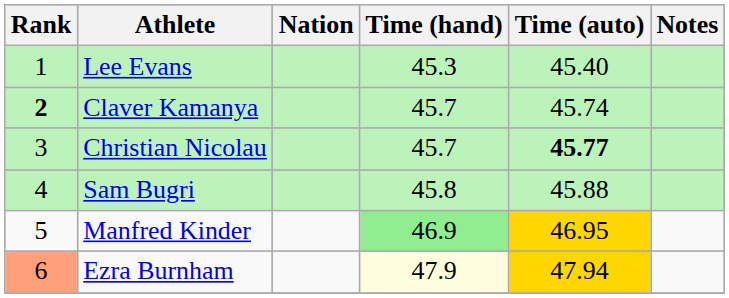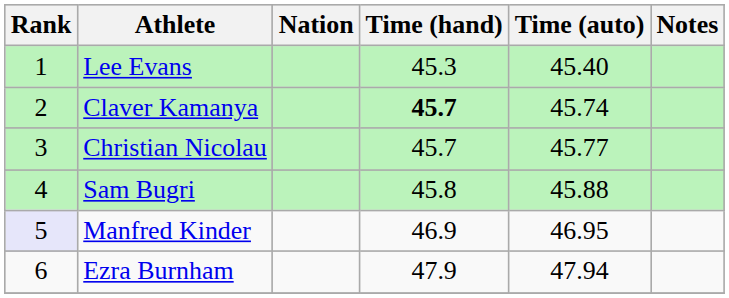 <table class="wikitable sortable" style="text-align:center">
 <tr>
 <th>Rank</th>
 <th>Athlete</th>
 <th>Nation</th>
 <th>Time (hand)</th>
 <th>Time (auto)</th>
 <th>Notes</th>
 </tr>
 <tr bgcolor=bbf3bb>
 <td>1</td>
 <td align=left><a href='#'>Lee Evans</a></td>
 <td align=left></td>
 <td>45.3</td>
 <td>45.40</td>
 <td></td>
 </tr>
 <tr bgcolor=bbf3bb>
-<td><strong>2</strong></td>
+<td>2</td>
 <td align=left><a href='#'>Claver Kamanya</a></td>
 <td align=left></td>
-<td>45.7</td>
+<td><strong>45.7</strong></td>
 <td>45.74</td>
 <td></td>
 </tr>
 <tr bgcolor=bbf3bb>
 <td>3</td>
 <td align=left><a href='#'>Christian Nicolau</a></td>
 <td align=left></td>
 <td>45.7</td>
-<td><strong>45.77</strong></td>
+<td>45.77</td>
 <td></td>
 </tr>
 <tr bgcolor=bbf3bb>
 <td>4</td>
 <td align=left><a href='#'>Sam Bugri</a></td>
 <td align=left></td>
 <td>45.8</td>
 <td>45.88</td>
 <td></td>
 </tr>
 <tr>
-<td>5</td>
+<td style="background: lavender;">5</td>
 <td align=left><a href='#'>Manfred Kinder</a></td>
 <td align=left></td>
-<td style="background: lightgreen;">46.9</td>
-<td style="background: gold;">46.95</td>
+<td>46.9</td>
+<td>46.95</td>
 <td></td>
 </tr>
 <tr>
-<td style="background: lightsalmon;">6</td>
+<td>6</td>
 <td align=left><a href='#'>Ezra Burnham</a></td>
 <td align=left></td>
-<td style="background: lightyellow;">47.9</td>
-<td style="background: gold;">47.94</td>
+<td>47.9</td>
+<td>47.94</td>
 <td></td>
 </tr>
 <tr>
 </tr>
 </table>
